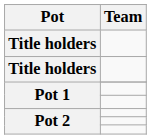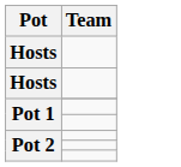 <table class="wikitable">
 <tr>
 <th>Pot</th>
 <th>Team</th>
 </tr>
 <tr>
-<th>Title holders </th>
+<th>Hosts </th>
 <td></td>
 </tr>
 <tr>
-<th>Title holders </th>
+<th>Hosts </th>
 <td></td>
 </tr>
 <tr>
 <th rowspan=3>Pot 1 </th>
 </tr>
 <tr>
 <td></td>
 </tr>
 <tr>
 <td></td>
 </tr>
 <tr>
 <th rowspan=3>Pot 2 </th>
 <td></td>
 </tr>
 <tr>
 <td></td>
 </tr>
 <tr>
 <td></td>
 </tr>
 </table>
